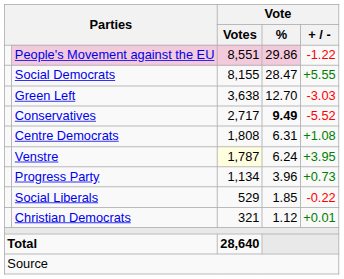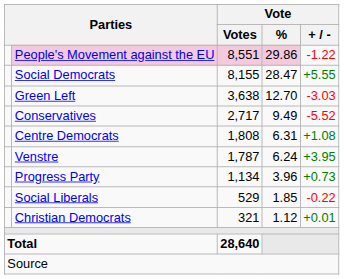 <table class="wikitable" style="text-align:right;">
 <tr>
 <th style="text-align:centre;" rowspan="2" colspan="2" width="225">Parties</th>
 <th colspan="3">Vote</th>
 </tr>
 <tr>
 <th width="15">Votes</th>
 <th width="15">%</th>
 <th width="15">+ / -</th>
 </tr>
 <tr>
 <td width="2" style="color:inherit;background:"></td>
 <td bgcolor=#f3c9dc   align="left"><a href='#'>People's Movement against the EU</a></td>
 <td bgcolor=#f3c9dc>8,551</td>
 <td bgcolor=#f3c9dc>29.86</td>
 <td style=color:red;>-1.22</td>
 </tr>
 <tr>
 <td width="2" style="color:inherit;background:"></td>
 <td align="left"><a href='#'>Social Democrats</a></td>
 <td>8,155</td>
 <td>28.47</td>
 <td style=color:green;>+5.55</td>
 </tr>
 <tr>
 <td width="2" style="color:inherit;background:"></td>
 <td align="left"><a href='#'>Green Left</a></td>
 <td>3,638</td>
 <td>12.70</td>
 <td style=color:red;>-3.03</td>
 </tr>
 <tr>
 <td width="2" style="color:inherit;background:"></td>
 <td align="left"><a href='#'>Conservatives</a></td>
 <td>2,717</td>
-<td><strong>9.49</strong></td>
+<td>9.49</td>
 <td style=color:red;>-5.52</td>
 </tr>
 <tr>
 <td width="2" style="color:inherit;background:"></td>
 <td align="left"><a href='#'>Centre Democrats</a></td>
 <td>1,808</td>
 <td>6.31</td>
 <td style=color:green;>+1.08</td>
 </tr>
 <tr>
 <td width="2" style="color:inherit;background:"></td>
 <td align="left"><a href='#'>Venstre</a></td>
-<td style="background: lightyellow;">1,787</td>
+<td>1,787</td>
 <td>6.24</td>
 <td style=color:green;>+3.95</td>
 </tr>
 <tr>
 <td width="2" style="color:inherit;background:"></td>
 <td align="left"><a href='#'>Progress Party</a></td>
 <td>1,134</td>
 <td>3.96</td>
 <td style=color:green;>+0.73</td>
 </tr>
 <tr>
 <td width="2" style="color:inherit;background:"></td>
 <td align="left"><a href='#'>Social Liberals</a></td>
 <td>529</td>
 <td>1.85</td>
 <td style=color:red;>-0.22</td>
 </tr>
 <tr>
 <td width="2" style="color:inherit;background:"></td>
 <td align="left"><a href='#'>Christian Democrats</a></td>
 <td>321</td>
 <td>1.12</td>
 <td style=color:green;>+0.01</td>
 </tr>
 <tr>
 <td colspan="7" bgcolor="#E9E9E9"></td>
 </tr>
 <tr>
 <td align="left" colspan="2"><strong>Total</strong></td>
 <td><strong>28,640</strong></td>
 <td bgcolor="#E9E9E9" colspan="2"></td>
 </tr>
 <tr>
 <td align="left" colspan="6">Source</td>
 </tr>
 </table>
